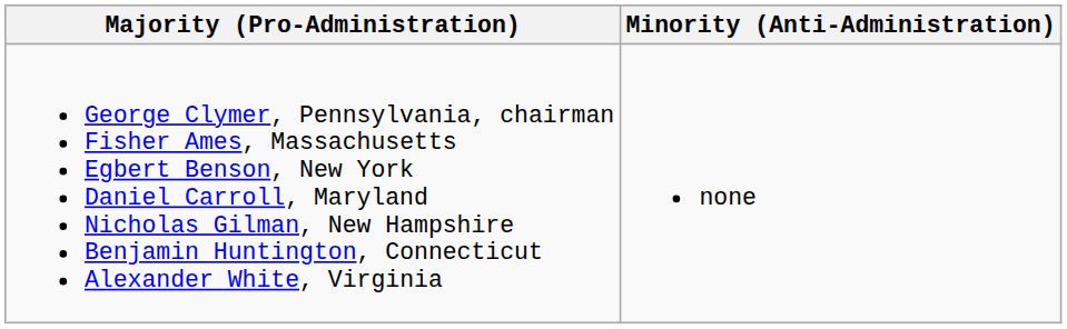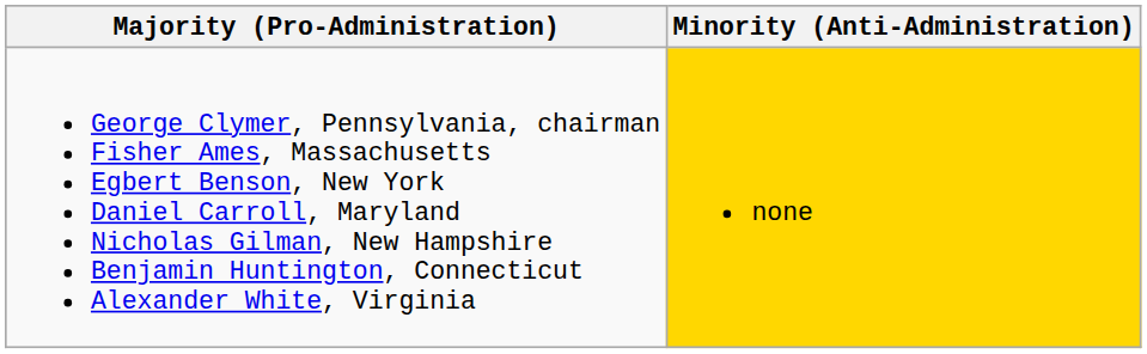 <table class=wikitable>
 <tr>
 <th>Majority (Pro-Administration)</th>
 <th>Minority (Anti-Administration)</th>
 </tr>
 <tr>
 <td><br><ul><li><a href='#'>George Clymer</a>, Pennsylvania, chairman</li><li><a href='#'>Fisher Ames</a>, Massachusetts</li><li><a href='#'>Egbert Benson</a>, New York</li><li><a href='#'>Daniel Carroll</a>, Maryland</li><li><a href='#'>Nicholas Gilman</a>, New Hampshire</li><li><a href='#'>Benjamin Huntington</a>, Connecticut</li><li><a href='#'>Alexander White</a>, Virginia</li></ul></td>
-<td><br><ul><li>none</li></ul></td>
+<td style="background: gold;"><br><ul><li>none</li></ul></td>
 </tr>
 </table>
